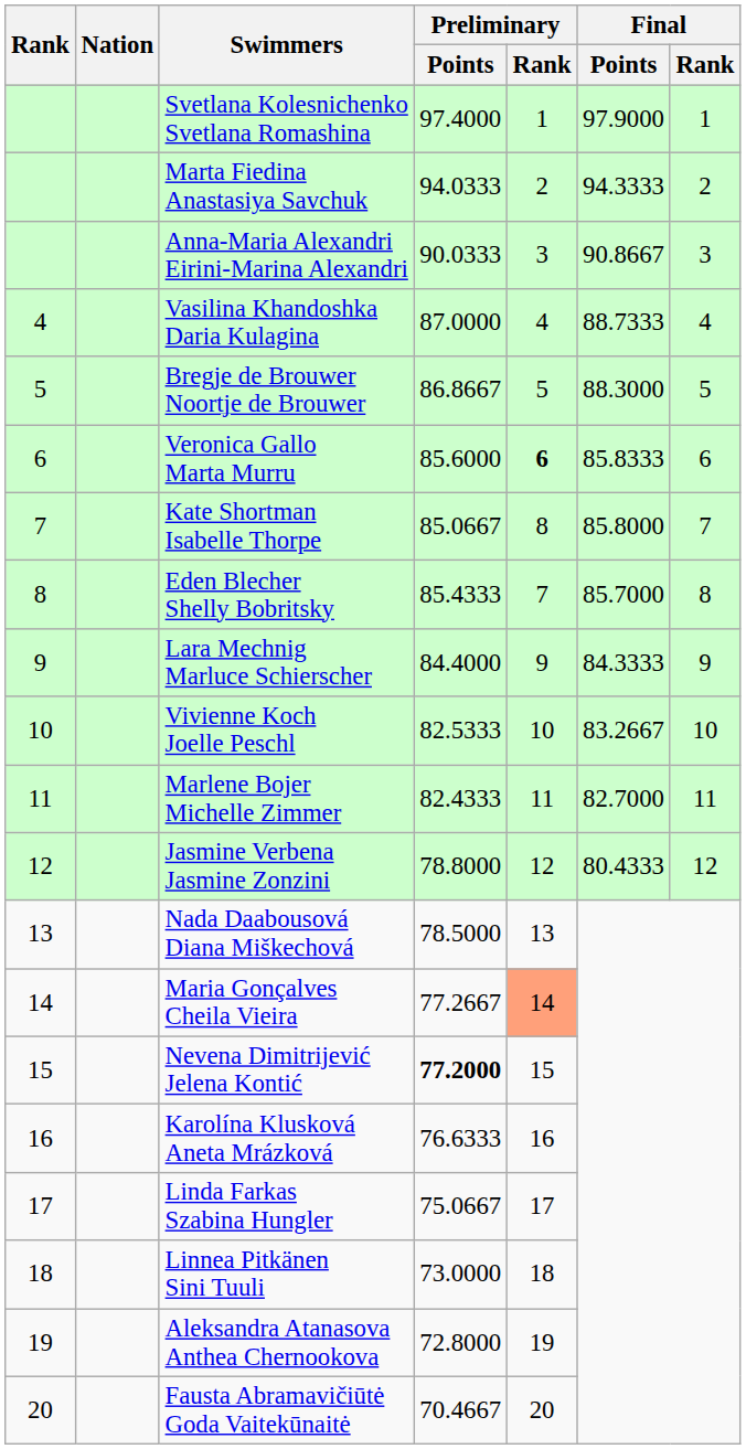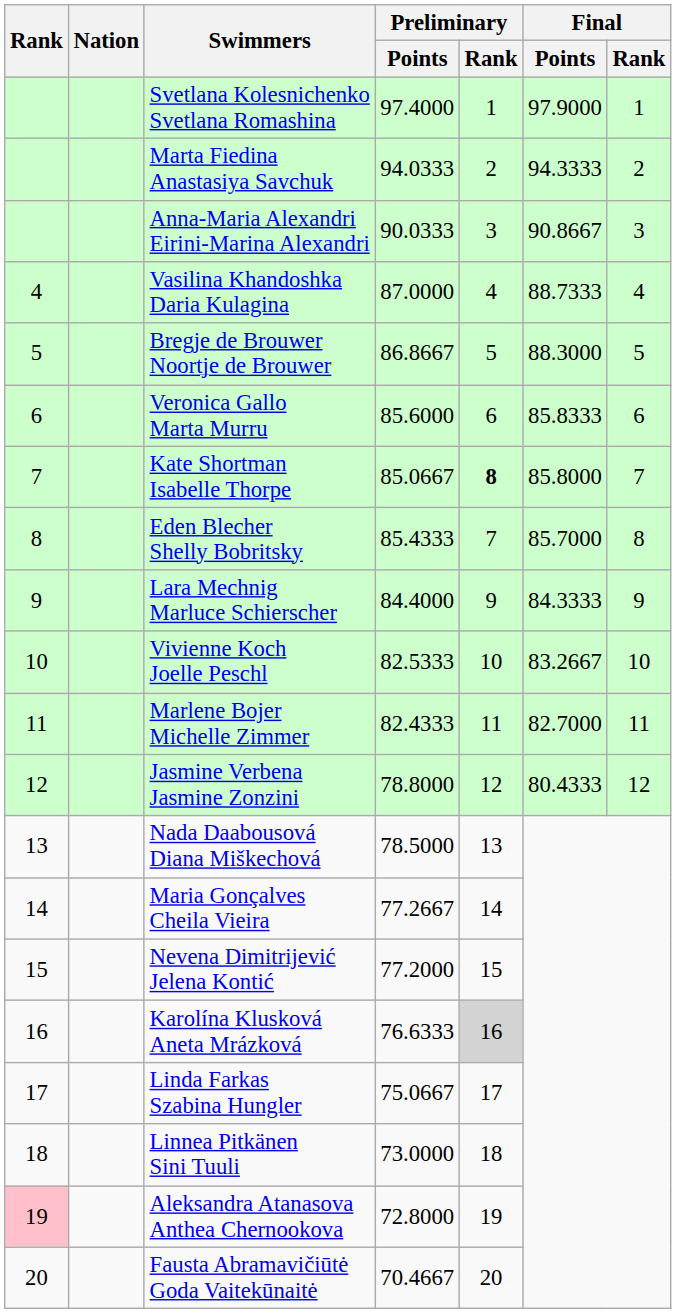 <table class="wikitable sortable" style="text-align:center">
 <tr>
 <th rowspan=2>Rank</th>
 <th rowspan=2>Nation</th>
 <th rowspan=2>Swimmers</th>
 <th colspan=2>Preliminary</th>
 <th colspan=2>Final</th>
 </tr>
 <tr>
 <th>Points</th>
 <th>Rank</th>
 <th>Points</th>
 <th>Rank</th>
 </tr>
 <tr bgcolor=ccffcc>
 <td></td>
 <td align=left></td>
 <td align=left><a href='#'>Svetlana Kolesnichenko</a><br><a href='#'>Svetlana Romashina</a></td>
 <td>97.4000</td>
 <td>1</td>
 <td>97.9000</td>
 <td>1</td>
 </tr>
 <tr bgcolor=ccffcc>
 <td></td>
 <td align=left></td>
 <td align=left><a href='#'>Marta Fiedina</a><br><a href='#'>Anastasiya Savchuk</a></td>
 <td>94.0333</td>
 <td>2</td>
 <td>94.3333</td>
 <td>2</td>
 </tr>
 <tr bgcolor=ccffcc>
 <td></td>
 <td align=left></td>
 <td align=left><a href='#'>Anna-Maria Alexandri</a><br><a href='#'>Eirini-Marina Alexandri</a></td>
 <td>90.0333</td>
 <td>3</td>
 <td>90.8667</td>
 <td>3</td>
 </tr>
 <tr bgcolor=ccffcc>
 <td>4</td>
 <td align=left></td>
 <td align=left><a href='#'>Vasilina Khandoshka</a><br><a href='#'>Daria Kulagina</a></td>
 <td>87.0000</td>
 <td>4</td>
 <td>88.7333</td>
 <td>4</td>
 </tr>
 <tr bgcolor=ccffcc>
 <td>5</td>
 <td align=left></td>
 <td align=left><a href='#'>Bregje de Brouwer</a><br><a href='#'>Noortje de Brouwer</a></td>
 <td>86.8667</td>
 <td>5</td>
 <td>88.3000</td>
 <td>5</td>
 </tr>
 <tr bgcolor=ccffcc>
 <td>6</td>
 <td align=left></td>
 <td align=left><a href='#'>Veronica Gallo</a><br><a href='#'>Marta Murru</a></td>
 <td>85.6000</td>
-<td><strong>6</strong></td>
+<td>6</td>
 <td>85.8333</td>
 <td>6</td>
 </tr>
 <tr bgcolor=ccffcc>
 <td>7</td>
 <td align=left></td>
 <td align=left><a href='#'>Kate Shortman</a><br><a href='#'>Isabelle Thorpe</a></td>
 <td>85.0667</td>
-<td>8</td>
+<td><strong>8</strong></td>
 <td>85.8000</td>
 <td>7</td>
 </tr>
 <tr bgcolor=ccffcc>
 <td>8</td>
 <td align=left></td>
 <td align=left><a href='#'>Eden Blecher</a><br><a href='#'>Shelly Bobritsky</a></td>
 <td>85.4333</td>
 <td>7</td>
 <td>85.7000</td>
 <td>8</td>
 </tr>
 <tr bgcolor=ccffcc>
 <td>9</td>
 <td align=left></td>
 <td align=left><a href='#'>Lara Mechnig</a><br><a href='#'>Marluce Schierscher</a></td>
 <td>84.4000</td>
 <td>9</td>
 <td>84.3333</td>
 <td>9</td>
 </tr>
 <tr bgcolor=ccffcc>
 <td>10</td>
 <td align=left></td>
 <td align=left><a href='#'>Vivienne Koch</a><br><a href='#'>Joelle Peschl</a></td>
 <td>82.5333</td>
 <td>10</td>
 <td>83.2667</td>
 <td>10</td>
 </tr>
 <tr bgcolor=ccffcc>
 <td>11</td>
 <td align=left></td>
 <td align=left><a href='#'>Marlene Bojer</a><br><a href='#'>Michelle Zimmer</a></td>
 <td>82.4333</td>
 <td>11</td>
 <td>82.7000</td>
 <td>11</td>
 </tr>
 <tr bgcolor=ccffcc>
 <td>12</td>
 <td align=left></td>
 <td align=left><a href='#'>Jasmine Verbena</a><br><a href='#'>Jasmine Zonzini</a></td>
 <td>78.8000</td>
 <td>12</td>
 <td>80.4333</td>
 <td>12</td>
 </tr>
 <tr>
 <td>13</td>
 <td align=left></td>
 <td align=left><a href='#'>Nada Daabousová</a><br><a href='#'>Diana Miškechová</a></td>
 <td>78.5000</td>
 <td>13</td>
 <td colspan=2 rowspan=8></td>
 </tr>
 <tr>
 <td>14</td>
 <td align=left></td>
 <td align=left><a href='#'>Maria Gonçalves</a><br><a href='#'>Cheila Vieira</a></td>
 <td>77.2667</td>
-<td style="background: lightsalmon;">14</td>
+<td>14</td>
 </tr>
 <tr>
 <td>15</td>
 <td align=left></td>
 <td align=left><a href='#'>Nevena Dimitrijević</a><br><a href='#'>Jelena Kontić</a></td>
-<td><strong>77.2000</strong></td>
+<td>77.2000</td>
 <td>15</td>
 </tr>
 <tr>
 <td>16</td>
 <td align=left></td>
 <td align=left><a href='#'>Karolína Klusková</a><br><a href='#'>Aneta Mrázková</a></td>
 <td>76.6333</td>
-<td>16</td>
+<td style="background: lightgrey;">16</td>
 </tr>
 <tr>
 <td>17</td>
 <td align=left></td>
 <td align=left><a href='#'>Linda Farkas</a><br><a href='#'>Szabina Hungler</a></td>
 <td>75.0667</td>
 <td>17</td>
 </tr>
 <tr>
 <td>18</td>
 <td align=left></td>
 <td align=left><a href='#'>Linnea Pitkänen</a><br><a href='#'>Sini Tuuli</a></td>
 <td>73.0000</td>
 <td>18</td>
 </tr>
 <tr>
-<td>19</td>
+<td style="background: pink;">19</td>
 <td align=left></td>
 <td align=left><a href='#'>Aleksandra Atanasova</a><br><a href='#'>Anthea Chernookova</a></td>
 <td>72.8000</td>
 <td>19</td>
 </tr>
 <tr>
 <td>20</td>
 <td align=left></td>
 <td align=left><a href='#'>Fausta Abramavičiūtė</a><br><a href='#'>Goda Vaitekūnaitė</a></td>
 <td>70.4667</td>
 <td>20</td>
 </tr>
 </table>
